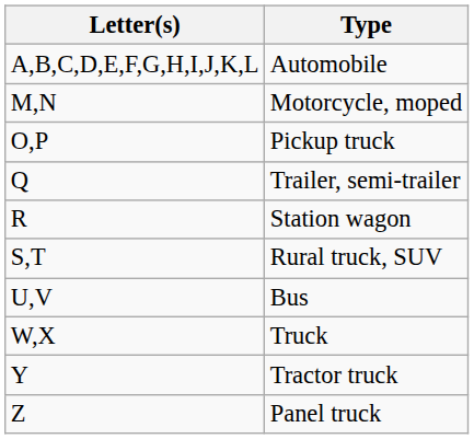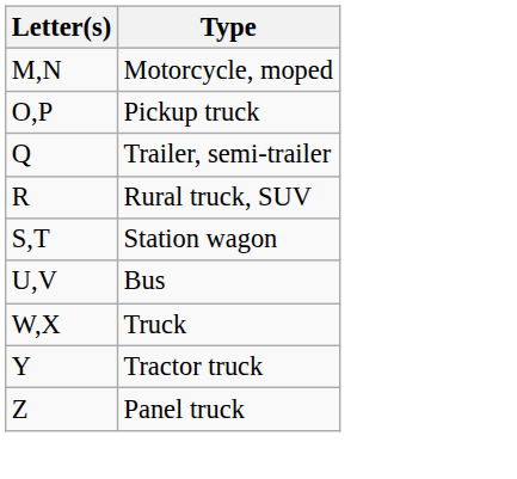 <table class="wikitable collapsible sortable" style="display:inline-table;">
 <tr>
 <th>Letter(s)</th>
 <th>Type</th>
-</tr>
-<tr>
-<td>A,B,C,D,E,F,G,H,I,J,K,L</td>
-<td>Automobile</td>
 </tr>
 <tr>
 <td>M,N</td>
 <td>Motorcycle, moped</td>
 </tr>
 <tr>
 <td>O,P</td>
 <td>Pickup truck</td>
 </tr>
 <tr>
 <td>Q</td>
 <td>Trailer, semi-trailer</td>
 </tr>
 <tr>
 <td>R</td>
-<td>Station wagon</td>
+<td>Rural truck, SUV</td>
 </tr>
 <tr>
 <td>S,T</td>
-<td>Rural truck, SUV</td>
+<td>Station wagon</td>
 </tr>
 <tr>
 <td>U,V</td>
 <td>Bus</td>
 </tr>
 <tr>
 <td>W,X</td>
 <td>Truck</td>
 </tr>
 <tr>
 <td>Y</td>
 <td>Tractor truck</td>
 </tr>
 <tr>
 <td>Z</td>
 <td>Panel truck</td>
 </tr>
 </table>
